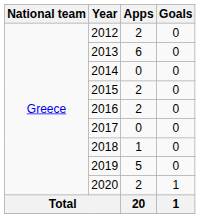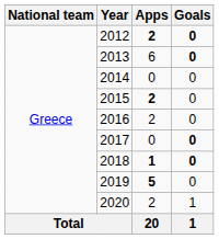 <table class=wikitable style=text-align:center>
 <tr>
 <th>National team</th>
 <th>Year</th>
 <th>Apps</th>
 <th>Goals</th>
 </tr>
 <tr>
 <td rowspan=9><a href='#'>Greece</a></td>
 <td>2012</td>
-<td>2</td>
-<td>0</td>
+<td><strong>2</strong></td>
+<td><strong>0</strong></td>
 </tr>
 <tr>
 <td>2013</td>
 <td>6</td>
-<td>0</td>
+<td><strong>0</strong></td>
 </tr>
 <tr>
 <td>2014</td>
 <td>0</td>
 <td>0</td>
 </tr>
 <tr>
 <td>2015</td>
-<td>2</td>
+<td><strong>2</strong></td>
 <td>0</td>
 </tr>
 <tr>
 <td>2016</td>
 <td>2</td>
 <td>0</td>
 </tr>
 <tr>
 <td>2017</td>
 <td>0</td>
-<td>0</td>
+<td><strong>0</strong></td>
 </tr>
 <tr>
 <td>2018</td>
-<td>1</td>
-<td>0</td>
+<td><strong>1</strong></td>
+<td><strong>0</strong></td>
 </tr>
 <tr>
 <td>2019</td>
-<td>5</td>
+<td><strong>5</strong></td>
 <td>0</td>
 </tr>
 <tr>
 <td>2020</td>
 <td>2</td>
 <td>1</td>
 </tr>
 <tr>
 <th colspan=2>Total</th>
 <th>20</th>
 <th>1</th>
 </tr>
 </table>
